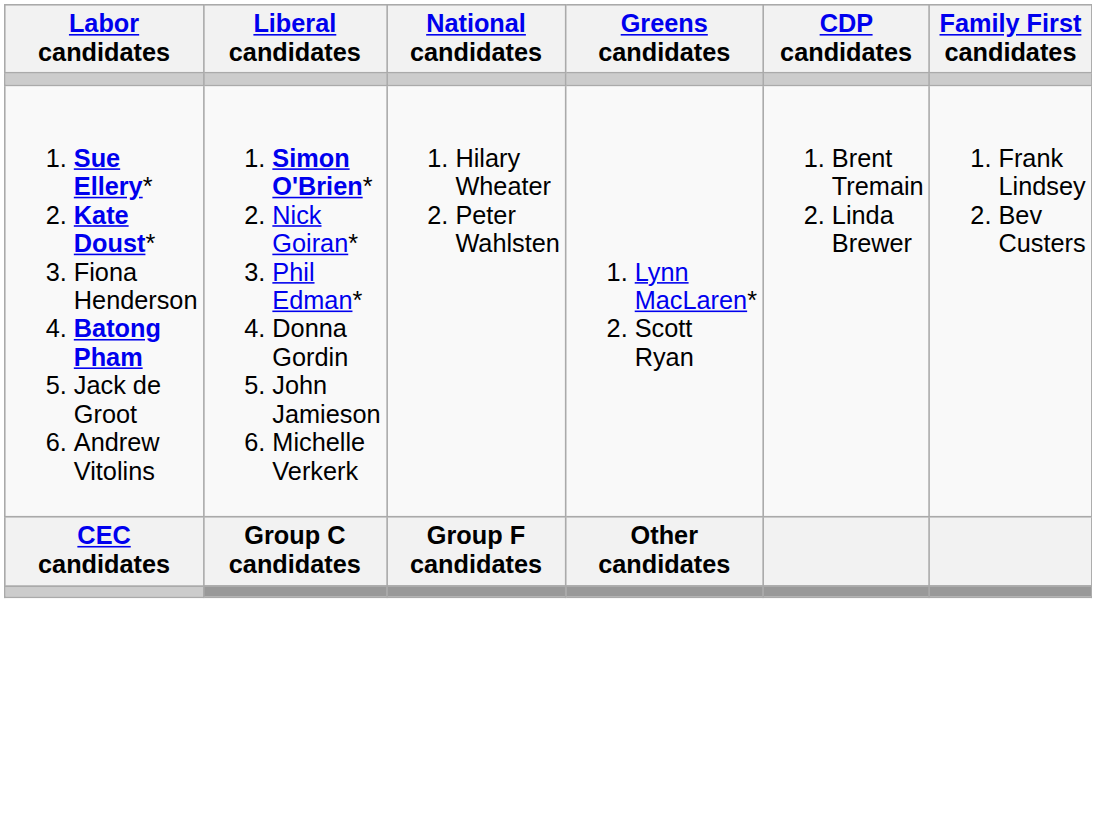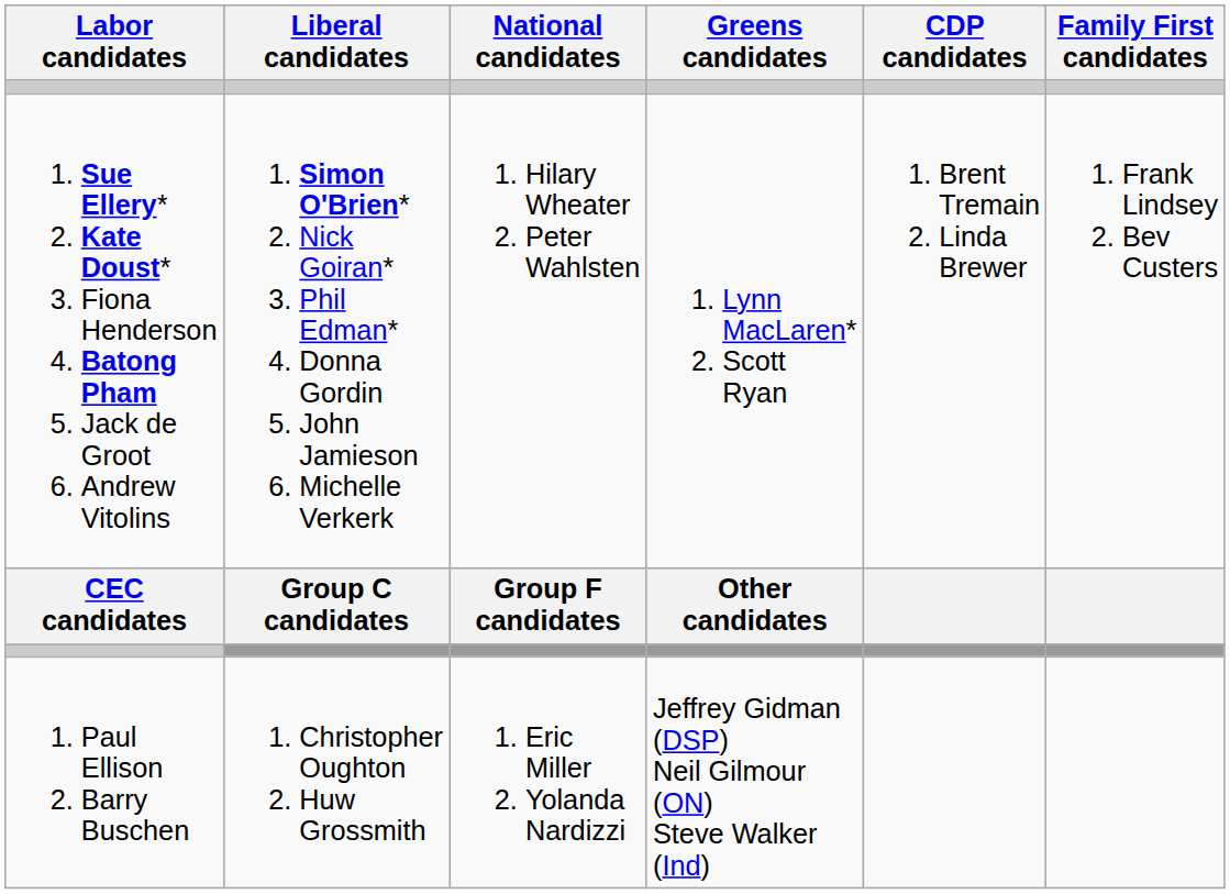 <table class="wikitable">
 <tr>
 <th><a href='#'>Labor</a> candidates</th>
 <th><a href='#'>Liberal</a> candidates</th>
 <th><a href='#'>National</a> candidates</th>
 <th><a href='#'>Greens</a> candidates</th>
 <th><a href='#'>CDP</a> candidates</th>
 <th><a href='#'>Family First</a> candidates</th>
 </tr>
 <tr bgcolor="#cccccc">
 <td></td>
 <td></td>
 <td></td>
 <td></td>
 <td></td>
 <td></td>
 </tr>
 <tr>
 <td><br><ol><li><strong><a href='#'>Sue Ellery</a></strong>*</li><li><strong><a href='#'>Kate Doust</a></strong>*</li><li>Fiona Henderson</li><li><strong><a href='#'>Batong Pham</a></strong></li><li>Jack de Groot</li><li>Andrew Vitolins</li></ol></td>
 <td><br><ol><li><strong><a href='#'>Simon O'Brien</a></strong>*</li><li><a href='#'>Nick Goiran</a>*</li><li><a href='#'>Phil Edman</a>*</li><li>Donna Gordin</li><li>John Jamieson</li><li>Michelle Verkerk</li></ol></td>
 <td valign=top><br><ol><li>Hilary Wheater</li><li>Peter Wahlsten</li></ol></td>
 <td><br><ol><li><a href='#'>Lynn MacLaren</a>*</li><li>Scott Ryan</li></ol></td>
 <td valign=top><br><ol><li>Brent Tremain</li><li>Linda Brewer</li></ol></td>
 <td valign=top><br><ol><li>Frank Lindsey</li><li>Bev Custers</li></ol></td>
 </tr>
 <tr bgcolor="#cccccc">
 <th><a href='#'>CEC</a> candidates</th>
 <th>Group C candidates</th>
 <th>Group F candidates</th>
 <th>Other candidates</th>
 <th></th>
 <th></th>
 </tr>
 <tr bgcolor="#cccccc">
 <td></td>
 <td bgcolor="#999999"></td>
 <td bgcolor="#999999"></td>
 <td bgcolor="#999999"></td>
 <td bgcolor="#999999"></td>
 <td bgcolor="#999999"></td>
 </tr>
+<tr>
+<td valign=top><br><ol><li>Paul Ellison</li><li>Barry Buschen</li></ol></td>
+<td valign=top><br><ol><li>Christopher Oughton</li><li>Huw Grossmith</li></ol></td>
+<td valign=top><br><ol><li>Eric Miller</li><li>Yolanda Nardizzi</li></ol></td>
+<td valign=top><br>Jeffrey Gidman (<a href='#'>DSP</a>) <br> Neil Gilmour (<a href='#'>ON</a>) <br> Steve Walker (<a href='#'>Ind</a>)</td>
+<td valign=top></td>
+<td valign=top></td>
+</tr>
 </table>
